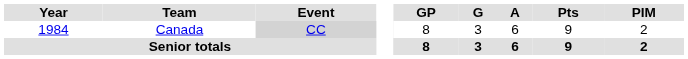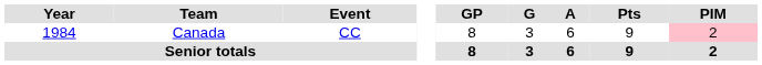 <table border="0" cellpadding="1" cellspacing="0" style="text-align:center; width:50em">
 <tr ALIGN="center" bgcolor="#e0e0e0">
 <th>Year</th>
 <th>Team</th>
 <th>Event</th>
 <th rowspan="99" bgcolor="#ffffff"> </th>
 <th>GP</th>
 <th>G</th>
 <th>A</th>
 <th>Pts</th>
 <th>PIM</th>
 </tr>
 <tr>
 <td><a href='#'>1984</a></td>
 <td><a href='#'>Canada</a></td>
-<td style="background: lightgrey;"><a href='#'>CC</a></td>
+<td><a href='#'>CC</a></td>
 <td>8</td>
 <td>3</td>
 <td>6</td>
 <td>9</td>
-<td>2</td>
+<td style="background: pink;">2</td>
 </tr>
 <tr style="background:#e0e0e0;">
 <th colspan=3>Senior totals</th>
 <th>8</th>
 <th>3</th>
 <th>6</th>
 <th>9</th>
 <th>2</th>
 </tr>
 </table>
